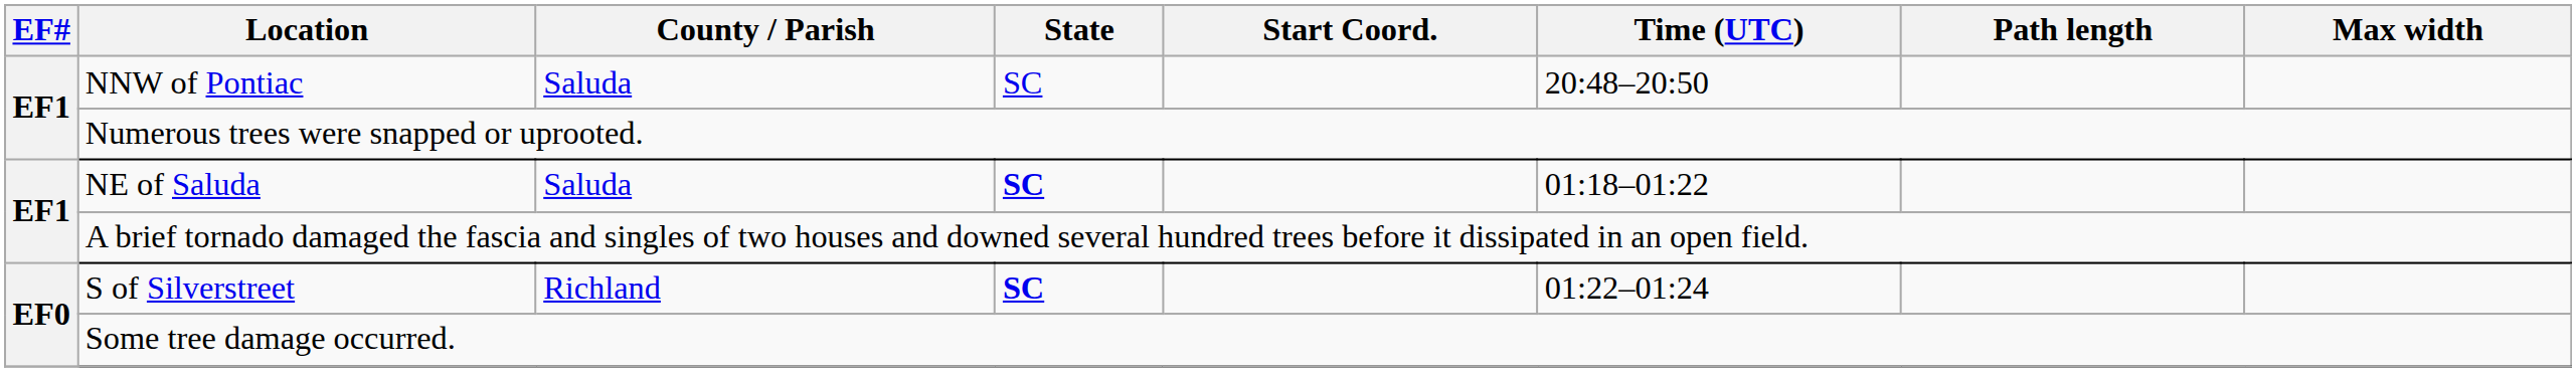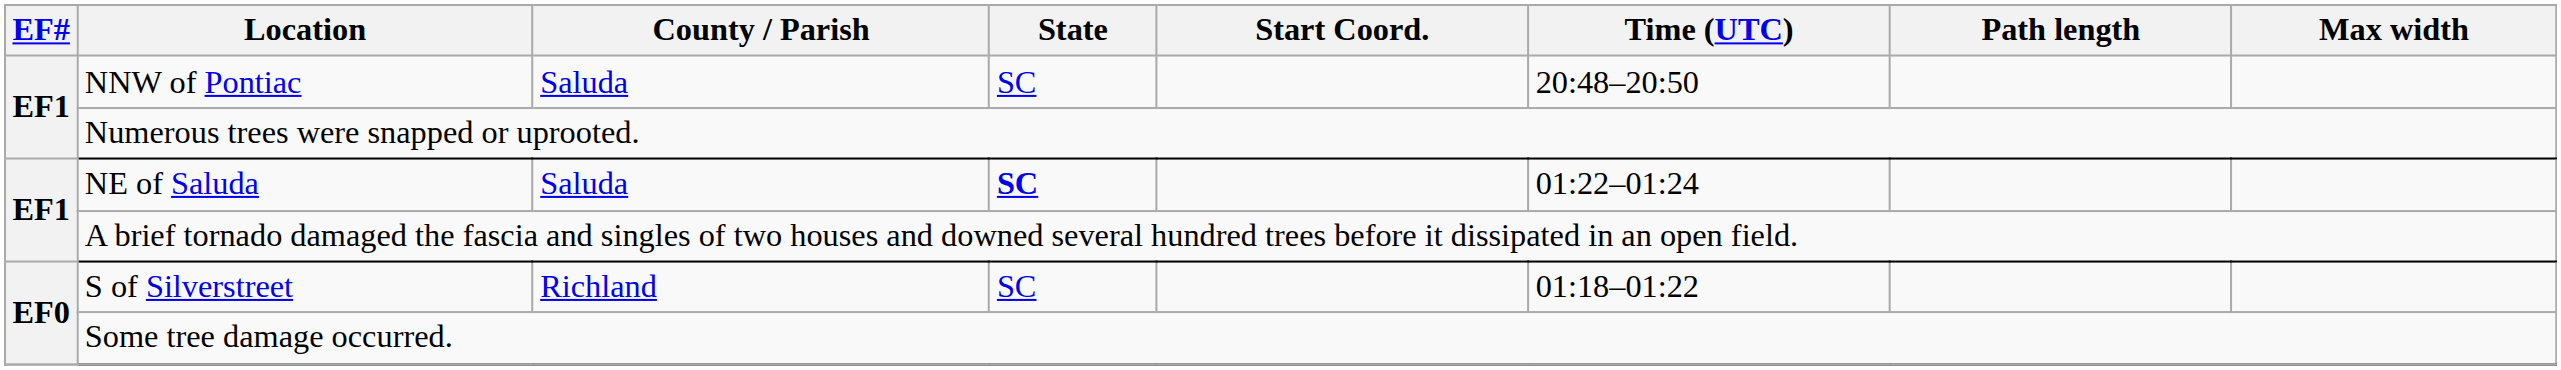 <table class="wikitable sortable" style="width:100%;">
 <tr>
 <th scope="col" width="2%" align="center"><a href='#'>EF#</a></th>
 <th scope="col" align="center" class="unsortable">Location</th>
 <th scope="col" align="center" class="unsortable">County / Parish</th>
 <th scope="col" align="center">State</th>
 <th scope="col" align="center">Start Coord.</th>
 <th scope="col" align="center">Time (<a href='#'>UTC</a>)</th>
 <th scope="col" align="center">Path length</th>
 <th scope="col" align="center">Max width</th>
 </tr>
 <tr>
 <th scope="row" rowspan="2" style="background-color:#">EF1</th>
 <td>NNW of <a href='#'>Pontiac</a></td>
 <td><a href='#'>Saluda</a></td>
 <td><a href='#'>SC</a></td>
 <td></td>
 <td>20:48–20:50</td>
 <td></td>
 <td></td>
 </tr>
 <tr class="expand-child">
 <td colspan="8" style=" border-bottom: 1px solid black;">Numerous trees were snapped or uprooted.</td>
 </tr>
 <tr>
 <th scope="row" rowspan="2" style="background-color:#">EF1</th>
 <td>NE of <a href='#'>Saluda</a></td>
 <td><a href='#'>Saluda</a></td>
 <td><strong><a href='#'>SC</a></strong></td>
 <td></td>
-<td>01:18–01:22</td>
+<td>01:22–01:24</td>
 <td></td>
 <td></td>
 </tr>
 <tr class="expand-child">
 <td colspan="8" style=" border-bottom: 1px solid black;">A brief tornado damaged the fascia and singles of two houses and downed several hundred trees before it dissipated in an open field.</td>
 </tr>
 <tr>
 <th scope="row" rowspan="2" style="background-color:#">EF0</th>
 <td>S of <a href='#'>Silverstreet</a></td>
 <td><a href='#'>Richland</a></td>
-<td><strong><a href='#'>SC</a></strong></td>
+<td><a href='#'>SC</a></td>
 <td></td>
-<td>01:22–01:24</td>
+<td>01:18–01:22</td>
 <td></td>
 <td></td>
 </tr>
 <tr class="expand-child">
 <td colspan="8" style=" border-bottom: 1px solid black;">Some tree damage occurred.</td>
 </tr>
 <tr>
 </tr>
 </table>
